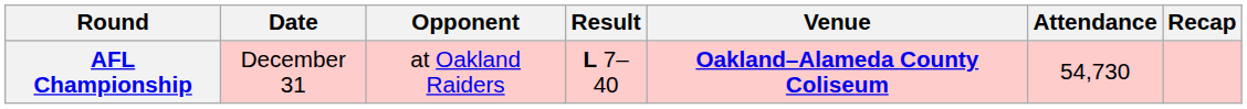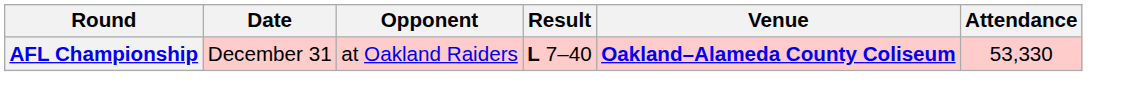 <table class="wikitable" style="text-align:center">
 <tr>
 <th>Round</th>
 <th>Date</th>
 <th>Opponent</th>
 <th>Result</th>
 <th>Venue</th>
 <th>Attendance</th>
-<th>Recap</th>
 </tr>
 <tr style="background: #fcc;">
 <th><a href='#'>AFL Championship</a></th>
 <td>December 31</td>
 <td>at <a href='#'>Oakland Raiders</a></td>
 <td><strong>L</strong> 7–40</td>
 <td><strong><a href='#'>Oakland–Alameda County Coliseum</a></strong></td>
-<td>54,730</td>
-<td></td>
+<td>53,330</td>
 </tr>
 </table>
